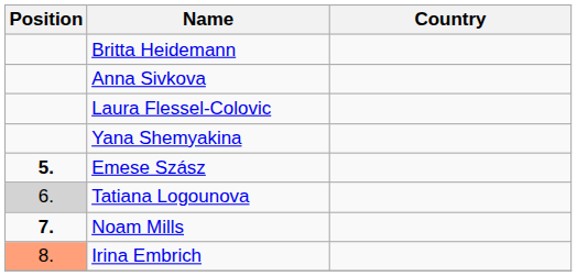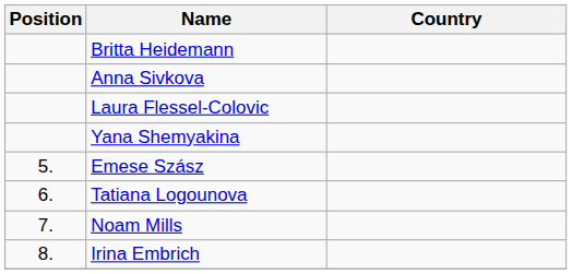 <table class="wikitable">
 <tr>
 <th width="20">Position</th>
 <th width="200">Name</th>
 <th width="200">Country</th>
 </tr>
 <tr>
 <td align="center"></td>
 <td><a href='#'>Britta Heidemann</a></td>
 <td></td>
 </tr>
 <tr>
 <td align="center"></td>
 <td><a href='#'>Anna Sivkova</a></td>
 <td></td>
 </tr>
 <tr>
 <td align="center"></td>
 <td><a href='#'>Laura Flessel-Colovic</a></td>
 <td></td>
 </tr>
 <tr>
 <td align="center"></td>
 <td><a href='#'>Yana Shemyakina</a></td>
 <td></td>
 </tr>
 <tr>
-<td align="center"><strong>5.</strong></td>
+<td align="center">5.</td>
 <td><a href='#'>Emese Szász</a></td>
 <td></td>
 </tr>
 <tr>
-<td align="center" style="background: lightgrey;">6.</td>
+<td align="center">6.</td>
 <td><a href='#'>Tatiana Logounova</a></td>
 <td></td>
 </tr>
 <tr>
-<td align="center"><strong>7.</strong></td>
+<td align="center">7.</td>
 <td><a href='#'>Noam Mills</a></td>
 <td></td>
 </tr>
 <tr>
-<td align="center" style="background: lightsalmon;">8.</td>
+<td align="center">8.</td>
 <td><a href='#'>Irina Embrich</a></td>
 <td></td>
 </tr>
 <tr>
 </tr>
 </table>
